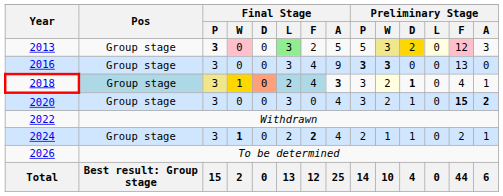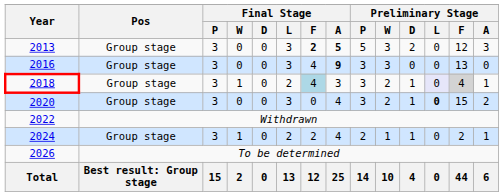 <table class="wikitable" style="text-align:center;">
 <tr>
 </tr>
 <tr>
 <th rowspan="2" width="15%">Year</th>
 <th rowspan="2" width="25%">Pos</th>
 <th colspan="6">Final Stage</th>
 <th colspan="6">Preliminary Stage</th>
 </tr>
 <tr>
 <th width="5%">P</th>
 <th width="5%">W</th>
 <th width="5%">D</th>
 <th width="5%">L</th>
 <th width="5%">F</th>
 <th width="5%">A</th>
 <th width="5%">P</th>
 <th width="5%">W</th>
 <th width="5%">D</th>
 <th width="5%">L</th>
 <th width="5%">F</th>
 <th width="5%">A</th>
 </tr>
 <tr>
 <td> <a href='#'>2013</a></td>
 <td>Group stage</td>
-<td><strong>3</strong></td>
-<td style="background: pink;">0</td>
+<td>3</td>
 <td>0</td>
-<td style="background: lightgreen;">3</td>
+<td>0</td>
+<td>3</td>
+<td><strong>2</strong></td>
+<td><strong>5</strong></td>
+<td>5</td>
+<td>3</td>
 <td>2</td>
-<td>5</td>
-<td>5</td>
-<td style="background: khaki;">3</td>
-<td style="background: gold;">2</td>
-<td style="background: lightyellow;">0</td>
-<td style="background: pink;">12</td>
+<td>0</td>
+<td>12</td>
 <td>3</td>
 </tr>
 <tr style="background: #D0E6FF;">
 <td> <a href='#'>2016</a></td>
 <td>Group stage</td>
 <td>3</td>
 <td>0</td>
 <td>0</td>
 <td>3</td>
 <td>4</td>
-<td>9</td>
-<td><strong>3</strong></td>
-<td><strong>3</strong></td>
+<td><strong>9</strong></td>
+<td>3</td>
+<td>3</td>
 <td>0</td>
 <td>0</td>
 <td>13</td>
 <td>0</td>
 </tr>
 <tr>
 <td style="border: 3px solid red"> <a href='#'>2018</a></td>
-<td style="background: lightblue;">Group stage</td>
-<td style="background: khaki;">3</td>
-<td style="background: gold;">1</td>
-<td style="background: lightsalmon;">0</td>
-<td style="background: lightblue;">2</td>
+<td>Group stage</td>
+<td>3</td>
+<td>1</td>
+<td>0</td>
+<td>2</td>
 <td style="background: lightblue;">4</td>
-<td><strong>3</strong></td>
 <td>3</td>
-<td style="background: lightyellow;">2</td>
-<td><strong>1</strong></td>
-<td>0</td>
-<td>4</td>
+<td>3</td>
+<td>2</td>
+<td>1</td>
+<td style="background: lavender;">0</td>
+<td style="background: lightgrey;">4</td>
 <td>1</td>
 </tr>
 <tr style="background: #D0E6FF;">
 <td> <a href='#'>2020</a></td>
 <td>Group stage</td>
 <td>3</td>
 <td>0</td>
 <td>0</td>
 <td>3</td>
 <td>0</td>
 <td>4</td>
 <td>3</td>
 <td>2</td>
 <td>1</td>
-<td>0</td>
-<td><strong>15</strong></td>
-<td><strong>2</strong></td>
+<td><strong>0</strong></td>
+<td>15</td>
+<td>2</td>
 </tr>
 <tr>
 <td> <a href='#'>2022</a></td>
 <td colspan=13><em>Withdrawn</em></td>
 </tr>
 <tr style="background: #D0E6FF;">
 <td> <a href='#'>2024</a></td>
 <td>Group stage</td>
 <td>3</td>
-<td><strong>1</strong></td>
+<td>1</td>
 <td>0</td>
 <td>2</td>
-<td><strong>2</strong></td>
+<td>2</td>
 <td>4</td>
 <td>2</td>
 <td>1</td>
 <td>1</td>
 <td>0</td>
 <td>2</td>
 <td>1</td>
 </tr>
 <tr>
 <td> <a href='#'>2026</a></td>
 <td colspan=13><em>To be determined</em></td>
 </tr>
 <tr>
 <th><strong>Total</strong></th>
 <th><strong>Best result: Group stage</strong></th>
 <th><strong>15</strong></th>
 <th><strong>2</strong></th>
 <th><strong>0</strong></th>
 <th><strong>13</strong></th>
 <th><strong>12</strong></th>
 <th><strong>25</strong></th>
 <th><strong>14</strong></th>
 <th><strong>10</strong></th>
 <th><strong>4</strong></th>
 <th><strong>0</strong></th>
 <th><strong>44</strong></th>
 <th><strong>6</strong></th>
 </tr>
 </table>
